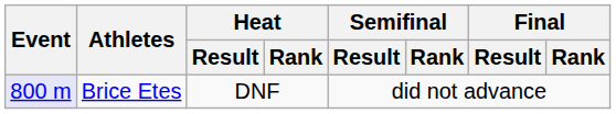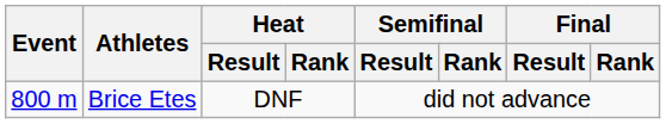 <table class="wikitable" border="1" style="font-size:90%">
 <tr>
 <th rowspan="2">Event</th>
 <th rowspan="2">Athletes</th>
 <th colspan="2">Heat</th>
 <th colspan="2">Semifinal</th>
 <th colspan="2">Final</th>
 </tr>
 <tr>
 <th>Result</th>
 <th>Rank</th>
 <th>Result</th>
 <th>Rank</th>
 <th>Result</th>
 <th>Rank</th>
 </tr>
 <tr>
-<td style="background: lavender;"><a href='#'>800 m</a></td>
+<td><a href='#'>800 m</a></td>
 <td><a href='#'>Brice Etes</a></td>
 <td align=center colspan="2">DNF</td>
 <td align=center colspan="4">did not advance</td>
 </tr>
 </table>
